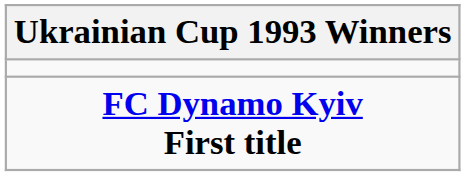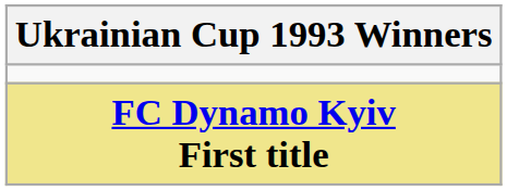 <table class="wikitable" style="text-align: center; margin: 0 auto;">
 <tr>
 <th>Ukrainian Cup 1993 Winners</th>
 </tr>
 <tr>
 <td></td>
 </tr>
 <tr>
-<td><strong><a href='#'>FC Dynamo Kyiv</a></strong><br><strong>First title</strong></td>
+<td style="background: khaki;"><strong><a href='#'>FC Dynamo Kyiv</a></strong><br><strong>First title</strong></td>
 </tr>
 </table>
